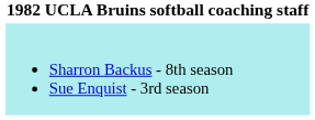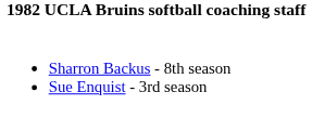 <table class="toccolours">
 <tr>
 <th colspan=9>1982 UCLA Bruins softball coaching staff</th>
 </tr>
 <tr>
-<td style="background: paleturquoise; text-align: left; font-size: 95%;" valign="top"><br><ul><li><a href='#'>Sharron Backus</a> - 8th season</li><li><a href='#'>Sue Enquist</a> - 3rd season</li></ul></td>
+<td style="text-align: left; font-size: 95%;" valign="top"><br><ul><li><a href='#'>Sharron Backus</a> - 8th season</li><li><a href='#'>Sue Enquist</a> - 3rd season</li></ul></td>
 </tr>
 </table>
